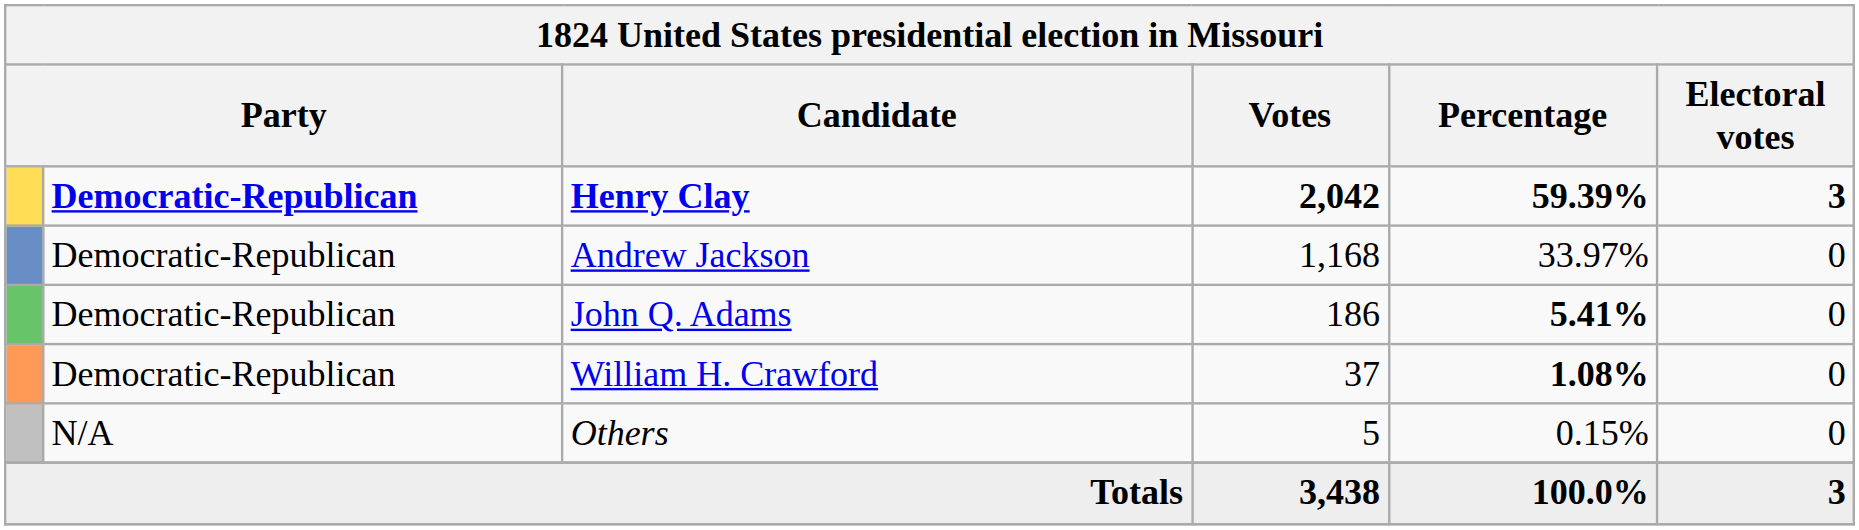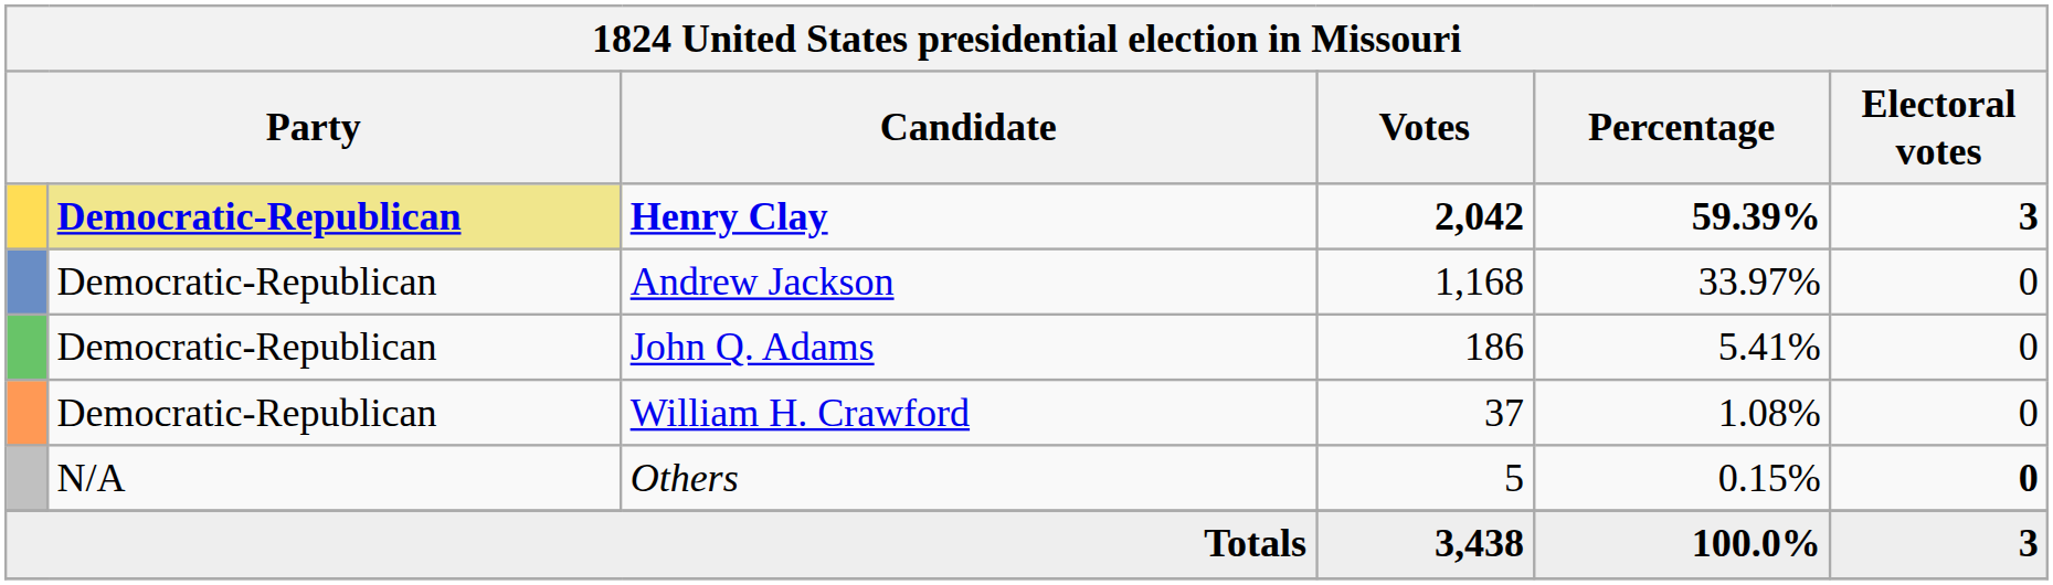 <table class="wikitable" style="font-size: 95%;">
 <tr>
 <th colspan="6">1824 United States presidential election in Missouri</th>
 </tr>
 <tr>
 <th colspan="2" style="width: 15em">Party</th>
 <th style="width: 17em">Candidate</th>
 <th style="width: 5em">Votes</th>
 <th style="width: 7em">Percentage</th>
 <th style="width: 5em">Electoral votes</th>
 </tr>
 <tr>
 <th style="background-color:#FFDD55; width: 3px"></th>
-<td style="width: 130px"><strong><a href='#'>Democratic-Republican</a></strong></td>
+<td style="background: khaki; width: 130px"><strong><a href='#'>Democratic-Republican</a></strong></td>
 <td><strong><a href='#'>Henry Clay</a></strong></td>
 <td align="right"><strong>2,042</strong></td>
 <td align="right"><strong>59.39%</strong></td>
 <td align="right"><strong>3</strong></td>
 </tr>
 <tr>
 <th style="background-color:#698DC5; width: 3px"></th>
 <td style="width: 130px">Democratic-Republican</td>
 <td><a href='#'>Andrew Jackson</a></td>
 <td align="right">1,168</td>
 <td align="right">33.97%</td>
 <td align="right">0</td>
 </tr>
 <tr>
 <th style="background-color:#68C468; width: 3px"></th>
 <td style="width: 130px">Democratic-Republican</td>
 <td><a href='#'>John Q. Adams</a></td>
 <td align="right">186</td>
-<td align="right"><strong>5.41%</strong></td>
+<td align="right">5.41%</td>
 <td align="right">0</td>
 </tr>
 <tr>
 <th style="background-color:#FF9955; width: 3px"></th>
 <td style="width: 130px">Democratic-Republican</td>
 <td><a href='#'>William H. Crawford</a></td>
 <td align="right">37</td>
-<td align="right"><strong>1.08%</strong></td>
+<td align="right">1.08%</td>
 <td align="right">0</td>
 </tr>
 <tr>
 <th style="background-color:#c0c0c0; width: 3px"></th>
 <td style="width: 130px">N/A</td>
 <td><em>Others</em></td>
 <td align="right">5</td>
 <td align="right">0.15%</td>
-<td align="right">0</td>
+<td align="right"><strong>0</strong></td>
 </tr>
 <tr>
 </tr>
 <tr bgcolor="#EEEEEE">
 <td colspan="3" align="right"><strong>Totals</strong></td>
 <td align="right"><strong>3,438</strong></td>
 <td align="right"><strong>100.0%</strong></td>
 <td align="right"><strong>3</strong></td>
 </tr>
 <tr>
 </tr>
 </table>
